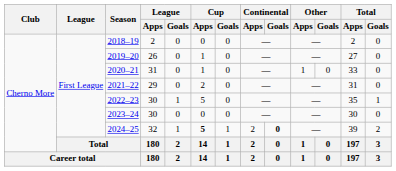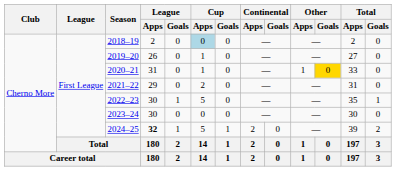 <table class="wikitable" style="font-size:90%; text-align: center">
 <tr>
 <th rowspan=2>Club</th>
 <th rowspan=2>League</th>
 <th rowspan=2>Season</th>
 <th colspan=2>League</th>
 <th colspan=2>Cup</th>
 <th colspan=2>Continental</th>
 <th colspan=2>Other</th>
 <th colspan=2>Total</th>
 </tr>
 <tr>
 <th>Apps</th>
 <th>Goals</th>
 <th>Apps</th>
 <th>Goals</th>
 <th>Apps</th>
 <th>Goals</th>
 <th>Apps</th>
 <th>Goals</th>
 <th>Apps</th>
 <th>Goals</th>
 </tr>
 <tr>
 <td rowspan=8 valign="center"><a href='#'>Cherno More</a></td>
 <td rowspan="7"><a href='#'>First League</a></td>
 <td><a href='#'>2018–19</a></td>
 <td>2</td>
 <td>0</td>
-<td>0</td>
+<td style="background: lightblue;">0</td>
 <td>0</td>
 <td colspan="2">—</td>
 <td colspan="2">—</td>
 <td>2</td>
 <td>0</td>
 </tr>
 <tr>
 <td><a href='#'>2019–20</a></td>
 <td>26</td>
 <td>0</td>
 <td>1</td>
 <td>0</td>
 <td colspan="2">—</td>
 <td colspan="2">—</td>
 <td>27</td>
 <td>0</td>
 </tr>
 <tr>
 <td><a href='#'>2020–21</a></td>
 <td>31</td>
 <td>0</td>
 <td>1</td>
 <td>0</td>
 <td colspan="2">—</td>
 <td>1</td>
-<td>0</td>
+<td style="background: gold;">0</td>
 <td>33</td>
 <td>0</td>
 </tr>
 <tr>
 <td><a href='#'>2021–22</a></td>
 <td>29</td>
 <td>0</td>
 <td>2</td>
 <td>0</td>
 <td colspan="2">—</td>
 <td colspan="2">—</td>
 <td>31</td>
 <td>0</td>
 </tr>
 <tr>
 <td><a href='#'>2022–23</a></td>
 <td>30</td>
 <td>1</td>
 <td>5</td>
 <td>0</td>
 <td colspan="2">—</td>
 <td colspan="2">—</td>
 <td>35</td>
 <td>1</td>
 </tr>
 <tr>
 <td><a href='#'>2023–24</a></td>
 <td>30</td>
 <td>0</td>
 <td>0</td>
 <td>0</td>
 <td colspan="2">—</td>
 <td colspan="2">—</td>
 <td>30</td>
 <td>0</td>
 </tr>
 <tr>
 <td><a href='#'>2024–25</a></td>
-<td>32</td>
+<td><strong>32</strong></td>
 <td>1</td>
-<td><strong>5</strong></td>
+<td>5</td>
 <td>1</td>
 <td>2</td>
-<td><strong>0</strong></td>
+<td>0</td>
 <td colspan="2">—</td>
 <td>39</td>
 <td>2</td>
 </tr>
 <tr>
 <th colspan=2>Total</th>
 <th>180</th>
 <th>2</th>
 <th>14</th>
 <th>1</th>
 <th>2</th>
 <th>0</th>
 <th>1</th>
 <th>0</th>
 <th>197</th>
 <th>3</th>
 </tr>
 <tr>
 <th colspan=3>Career total</th>
 <th>180</th>
 <th>2</th>
 <th>14</th>
 <th>1</th>
 <th>2</th>
 <th>0</th>
 <th>1</th>
 <th>0</th>
 <th>197</th>
 <th>3</th>
 </tr>
 </table>
